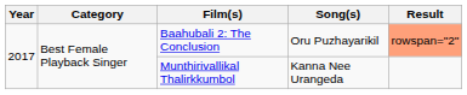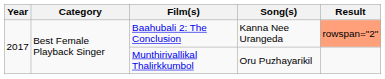 <table class="wikitable sortable">
 <tr>
 <th>Year</th>
 <th>Category</th>
 <th>Film(s)</th>
 <th>Song(s)</th>
 <th>Result</th>
 </tr>
 <tr>
 <td row rowspan="2">2017</td>
 <td row rowspan="2">Best Female Playback Singer</td>
 <td><a href='#'>Baahubali 2: The Conclusion</a></td>
-<td>Oru Puzhayarikil</td>
+<td>Kanna Nee Urangeda</td>
 <td style="background: lightsalmon;">rowspan="2"</td>
 </tr>
 <tr>
 <td><a href='#'>Munthirivallikal Thalirkkumbol</a></td>
-<td>Kanna Nee Urangeda</td>
+<td>Oru Puzhayarikil</td>
 </tr>
 </table>
